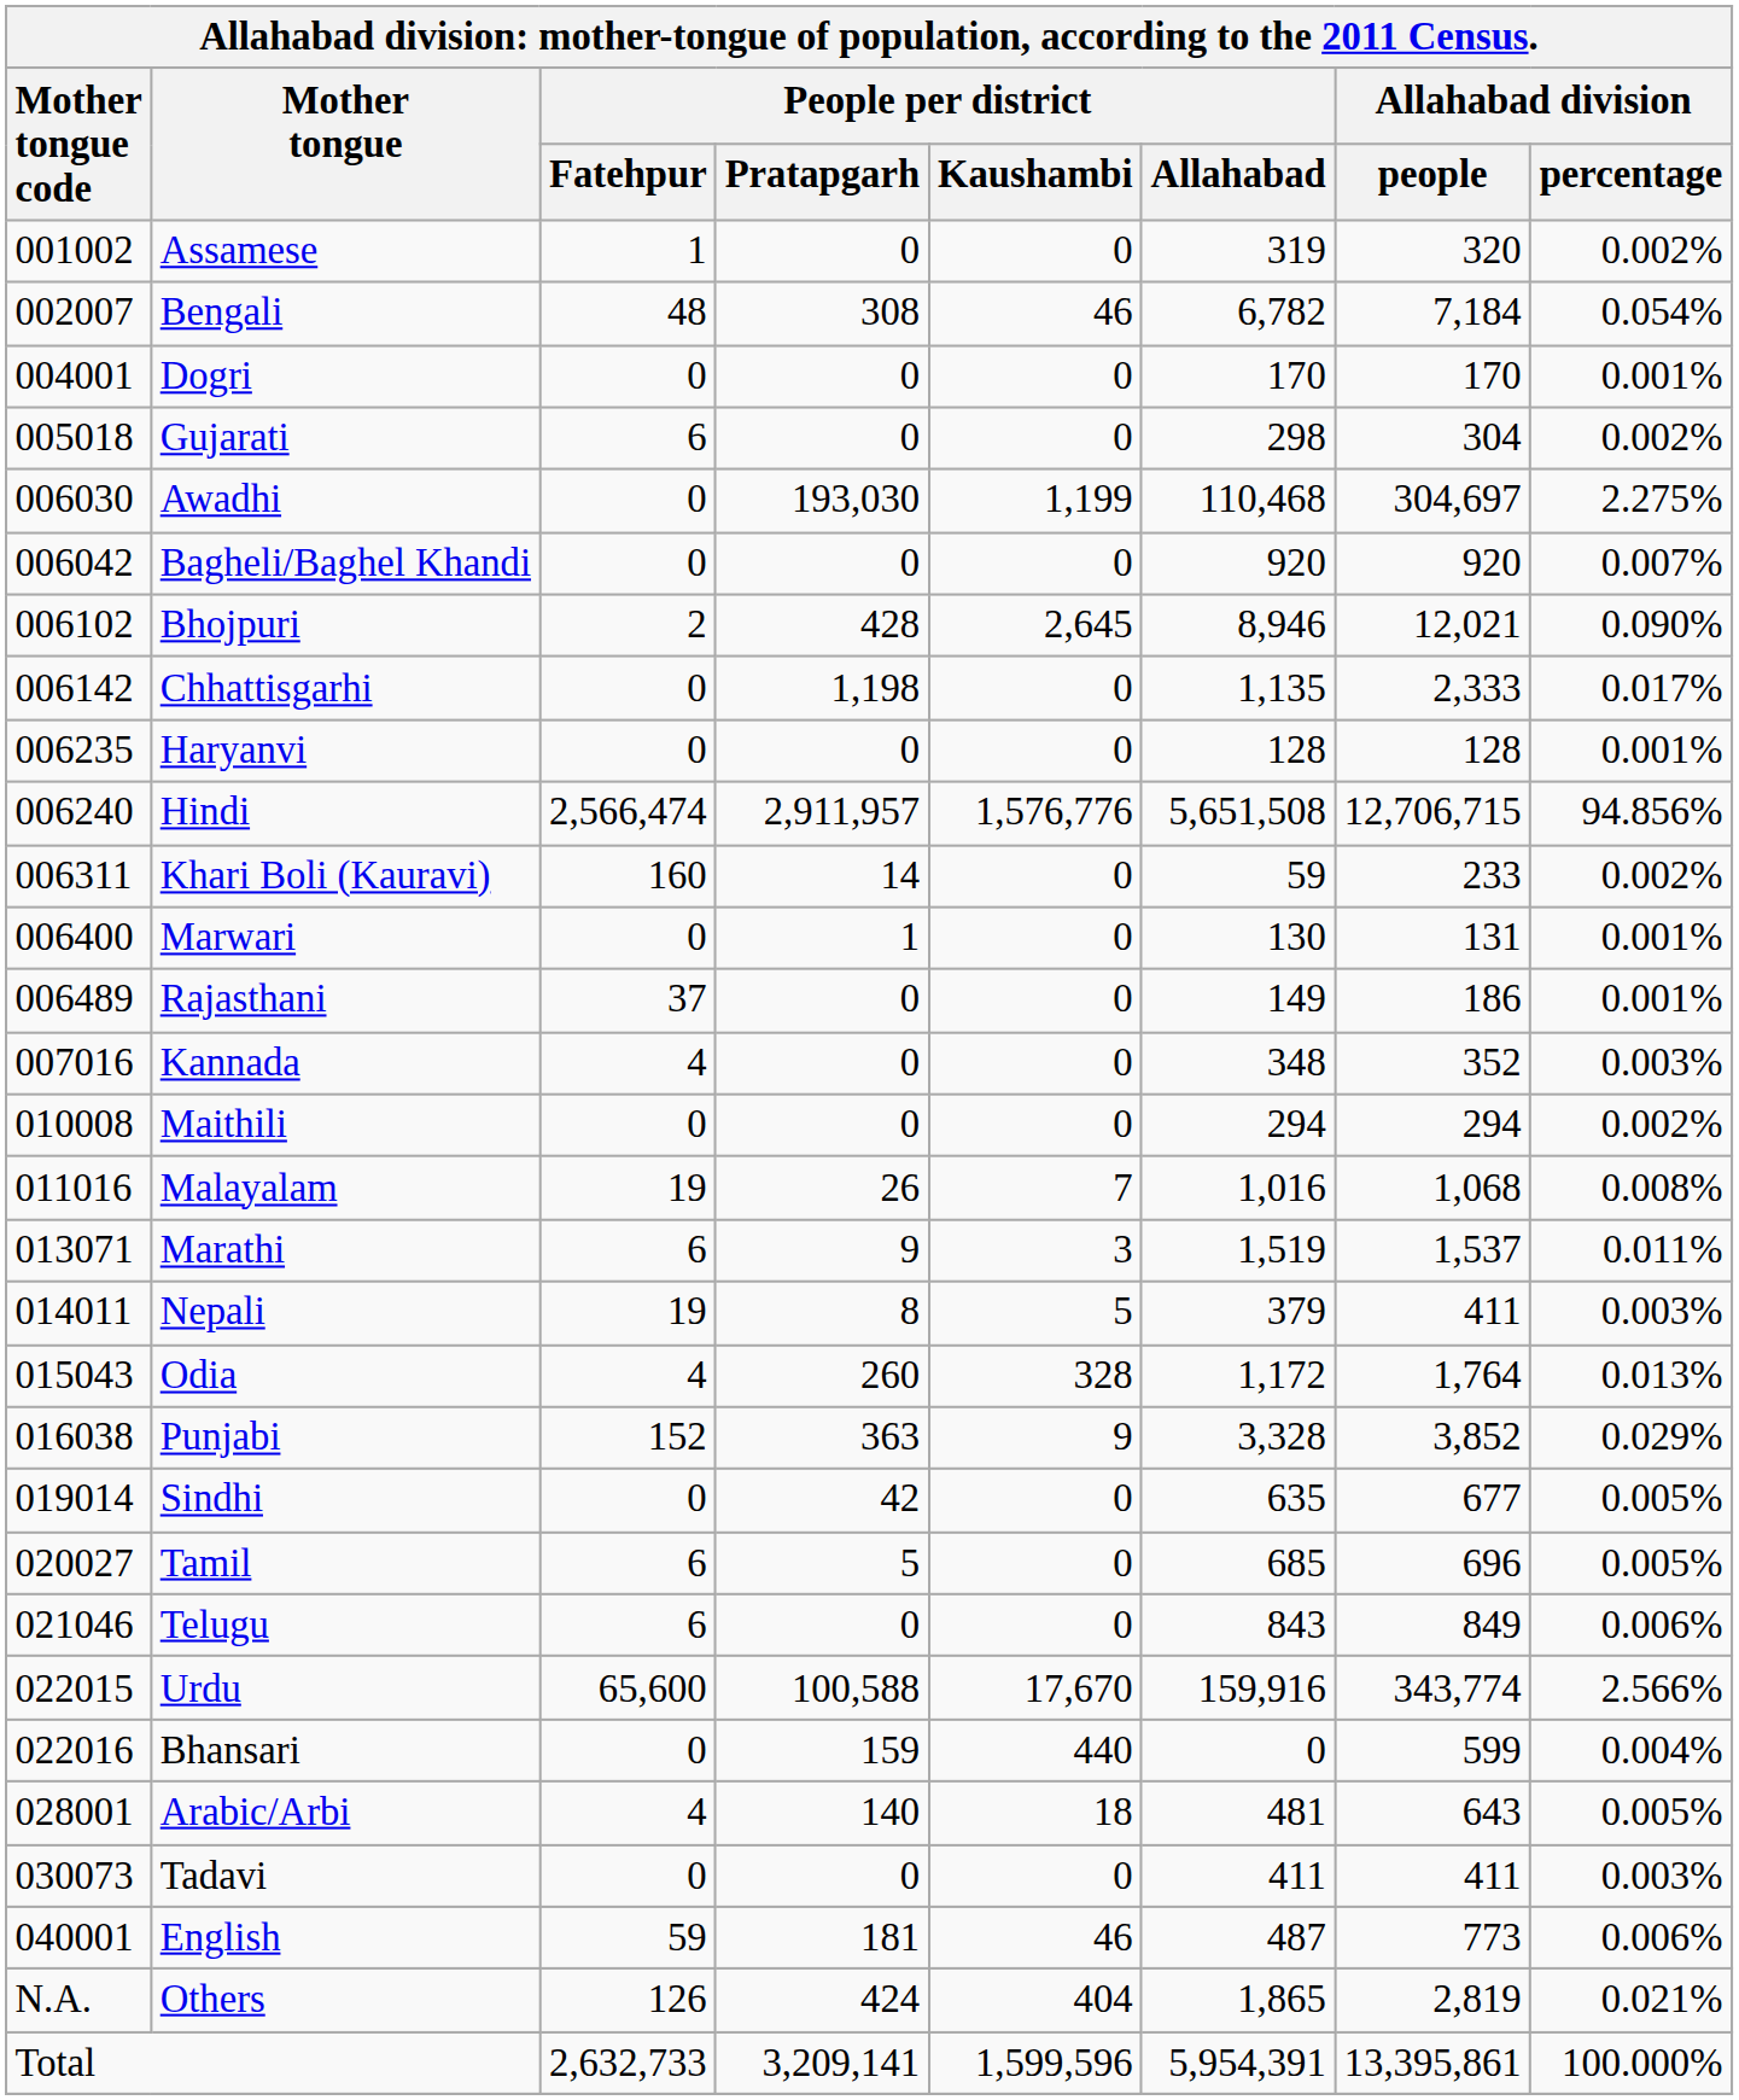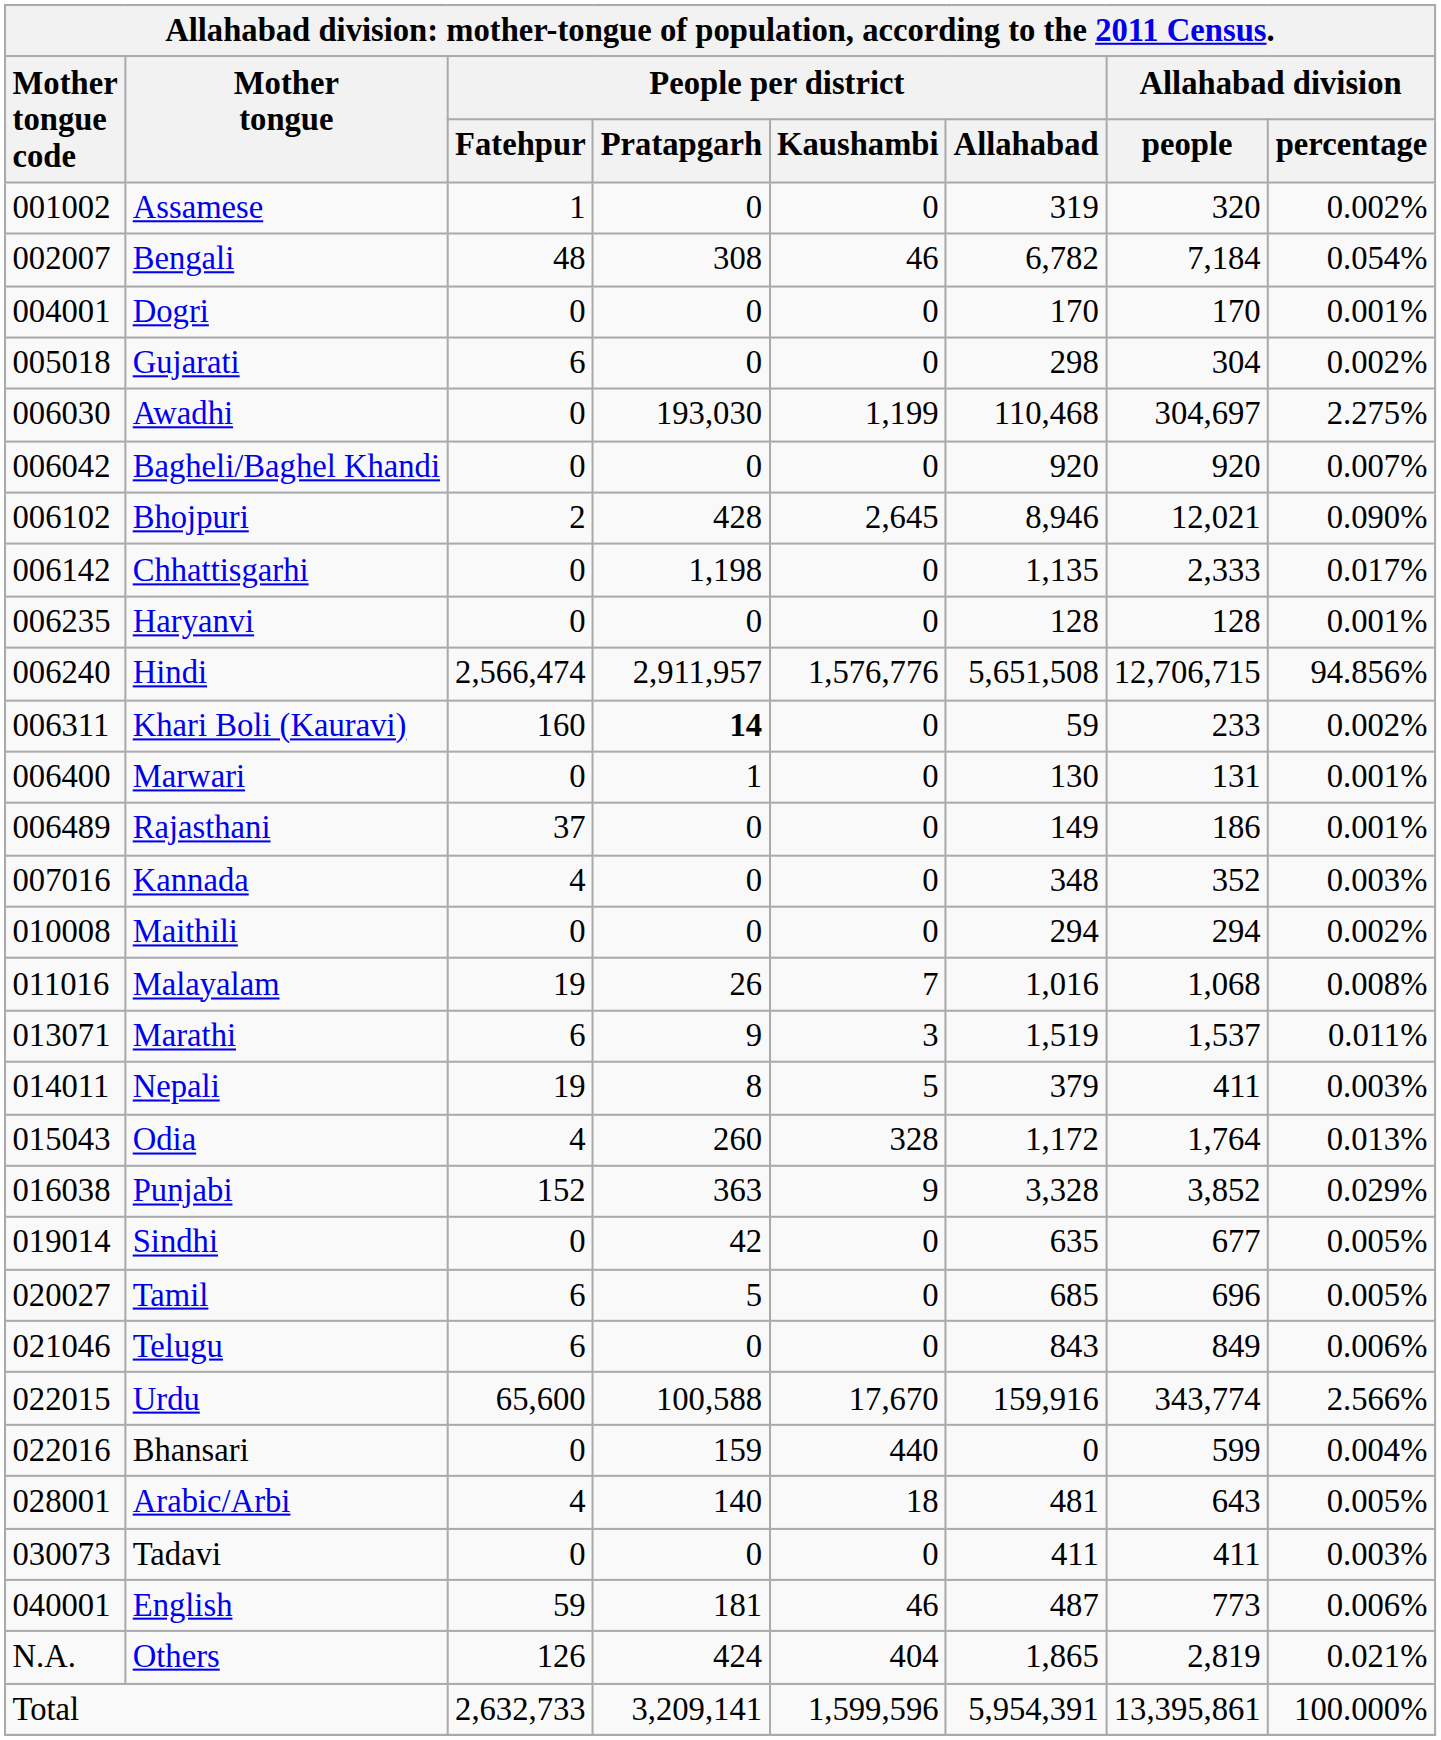 <table class="wikitable sortable mw-collapsible mw-collapsed">
 <tr style="vertical-align:top;">
 <th colspan=8>Allahabad division: mother-tongue of population, according to the <a href='#'>2011 Census</a>.</th>
 </tr>
 <tr style="vertical-align:top;">
 <th rowspan=2 style="text-align:left;">Mother<br>tongue<br>code</th>
 <th rowspan=2>Mother <br>tongue</th>
 <th colspan=4>People per district</th>
 <th colspan=2>Allahabad division</th>
 </tr>
 <tr style="vertical-align:top;">
 <th>Fatehpur </th>
 <th>Pratapgarh </th>
 <th>Kaushambi </th>
 <th>Allahabad  </th>
 <th>people </th>
 <th>percentage </th>
 </tr>
 <tr style="vertical-align:top;">
 <td>001002</td>
 <td><a href='#'>Assamese</a></td>
 <td style="text-align:right;">1</td>
 <td style="text-align:right;">0</td>
 <td style="text-align:right;">0</td>
 <td style="text-align:right;">319</td>
 <td style="text-align:right;">320</td>
 <td style="text-align:right;">0.002%</td>
 </tr>
 <tr style="vertical-align:top;">
 <td>002007</td>
 <td><a href='#'>Bengali</a></td>
 <td style="text-align:right;">48</td>
 <td style="text-align:right;">308</td>
 <td style="text-align:right;">46</td>
 <td style="text-align:right;">6,782</td>
 <td style="text-align:right;">7,184</td>
 <td style="text-align:right;">0.054%</td>
 </tr>
 <tr style="vertical-align:top;">
 <td>004001</td>
 <td><a href='#'>Dogri</a></td>
 <td style="text-align:right;">0</td>
 <td style="text-align:right;">0</td>
 <td style="text-align:right;">0</td>
 <td style="text-align:right;">170</td>
 <td style="text-align:right;">170</td>
 <td style="text-align:right;">0.001%</td>
 </tr>
 <tr style="vertical-align:top;">
 <td>005018</td>
 <td><a href='#'>Gujarati</a></td>
 <td style="text-align:right;">6</td>
 <td style="text-align:right;">0</td>
 <td style="text-align:right;">0</td>
 <td style="text-align:right;">298</td>
 <td style="text-align:right;">304</td>
 <td style="text-align:right;">0.002%</td>
 </tr>
 <tr style="vertical-align:top;">
 <td>006030</td>
 <td><a href='#'>Awadhi</a></td>
 <td style="text-align:right;">0</td>
 <td style="text-align:right;">193,030</td>
 <td style="text-align:right;">1,199</td>
 <td style="text-align:right;">110,468</td>
 <td style="text-align:right;">304,697</td>
 <td style="text-align:right;">2.275%</td>
 </tr>
 <tr style="vertical-align:top;">
 <td>006042</td>
 <td><a href='#'>Bagheli/Baghel Khandi</a></td>
 <td style="text-align:right;">0</td>
 <td style="text-align:right;">0</td>
 <td style="text-align:right;">0</td>
 <td style="text-align:right;">920</td>
 <td style="text-align:right;">920</td>
 <td style="text-align:right;">0.007%</td>
 </tr>
 <tr style="vertical-align:top;">
 <td>006102</td>
 <td><a href='#'>Bhojpuri</a></td>
 <td style="text-align:right;">2</td>
 <td style="text-align:right;">428</td>
 <td style="text-align:right;">2,645</td>
 <td style="text-align:right;">8,946</td>
 <td style="text-align:right;">12,021</td>
 <td style="text-align:right;">0.090%</td>
 </tr>
 <tr style="vertical-align:top;">
 <td>006142</td>
 <td><a href='#'>Chhattisgarhi</a></td>
 <td style="text-align:right;">0</td>
 <td style="text-align:right;">1,198</td>
 <td style="text-align:right;">0</td>
 <td style="text-align:right;">1,135</td>
 <td style="text-align:right;">2,333</td>
 <td style="text-align:right;">0.017%</td>
 </tr>
 <tr style="vertical-align:top;">
 <td>006235</td>
 <td><a href='#'>Haryanvi</a></td>
 <td style="text-align:right;">0</td>
 <td style="text-align:right;">0</td>
 <td style="text-align:right;">0</td>
 <td style="text-align:right;">128</td>
 <td style="text-align:right;">128</td>
 <td style="text-align:right;">0.001%</td>
 </tr>
 <tr style="vertical-align:top;">
 <td>006240</td>
 <td><a href='#'>Hindi</a></td>
 <td style="text-align:right;">2,566,474</td>
 <td style="text-align:right;">2,911,957</td>
 <td style="text-align:right;">1,576,776</td>
 <td style="text-align:right;">5,651,508</td>
 <td style="text-align:right;">12,706,715</td>
 <td style="text-align:right;">94.856%</td>
 </tr>
 <tr style="vertical-align:top;">
 <td>006311</td>
 <td><a href='#'>Khari Boli (Kauravi)</a></td>
 <td style="text-align:right;">160</td>
-<td style="text-align:right;">14</td>
+<td style="text-align:right;"><strong>14</strong></td>
 <td style="text-align:right;">0</td>
 <td style="text-align:right;">59</td>
 <td style="text-align:right;">233</td>
 <td style="text-align:right;">0.002%</td>
 </tr>
 <tr style="vertical-align:top;">
 <td>006400</td>
 <td><a href='#'>Marwari</a></td>
 <td style="text-align:right;">0</td>
 <td style="text-align:right;">1</td>
 <td style="text-align:right;">0</td>
 <td style="text-align:right;">130</td>
 <td style="text-align:right;">131</td>
 <td style="text-align:right;">0.001%</td>
 </tr>
 <tr style="vertical-align:top;">
 <td>006489</td>
 <td><a href='#'>Rajasthani</a></td>
 <td style="text-align:right;">37</td>
 <td style="text-align:right;">0</td>
 <td style="text-align:right;">0</td>
 <td style="text-align:right;">149</td>
 <td style="text-align:right;">186</td>
 <td style="text-align:right;">0.001%</td>
 </tr>
 <tr style="vertical-align:top;">
 <td>007016</td>
 <td><a href='#'>Kannada</a></td>
 <td style="text-align:right;">4</td>
 <td style="text-align:right;">0</td>
 <td style="text-align:right;">0</td>
 <td style="text-align:right;">348</td>
 <td style="text-align:right;">352</td>
 <td style="text-align:right;">0.003%</td>
 </tr>
 <tr style="vertical-align:top;">
 <td>010008</td>
 <td><a href='#'>Maithili</a></td>
 <td style="text-align:right;">0</td>
 <td style="text-align:right;">0</td>
 <td style="text-align:right;">0</td>
 <td style="text-align:right;">294</td>
 <td style="text-align:right;">294</td>
 <td style="text-align:right;">0.002%</td>
 </tr>
 <tr style="vertical-align:top;">
 <td>011016</td>
 <td><a href='#'>Malayalam</a></td>
 <td style="text-align:right;">19</td>
 <td style="text-align:right;">26</td>
 <td style="text-align:right;">7</td>
 <td style="text-align:right;">1,016</td>
 <td style="text-align:right;">1,068</td>
 <td style="text-align:right;">0.008%</td>
 </tr>
 <tr style="vertical-align:top;">
 <td>013071</td>
 <td><a href='#'>Marathi</a></td>
 <td style="text-align:right;">6</td>
 <td style="text-align:right;">9</td>
 <td style="text-align:right;">3</td>
 <td style="text-align:right;">1,519</td>
 <td style="text-align:right;">1,537</td>
 <td style="text-align:right;">0.011%</td>
 </tr>
 <tr style="vertical-align:top;">
 <td>014011</td>
 <td><a href='#'>Nepali</a></td>
 <td style="text-align:right;">19</td>
 <td style="text-align:right;">8</td>
 <td style="text-align:right;">5</td>
 <td style="text-align:right;">379</td>
 <td style="text-align:right;">411</td>
 <td style="text-align:right;">0.003%</td>
 </tr>
 <tr style="vertical-align:top;">
 <td>015043</td>
 <td><a href='#'>Odia</a></td>
 <td style="text-align:right;">4</td>
 <td style="text-align:right;">260</td>
 <td style="text-align:right;">328</td>
 <td style="text-align:right;">1,172</td>
 <td style="text-align:right;">1,764</td>
 <td style="text-align:right;">0.013%</td>
 </tr>
 <tr style="vertical-align:top;">
 <td>016038</td>
 <td><a href='#'>Punjabi</a></td>
 <td style="text-align:right;">152</td>
 <td style="text-align:right;">363</td>
 <td style="text-align:right;">9</td>
 <td style="text-align:right;">3,328</td>
 <td style="text-align:right;">3,852</td>
 <td style="text-align:right;">0.029%</td>
 </tr>
 <tr style="vertical-align:top;">
 <td>019014</td>
 <td><a href='#'>Sindhi</a></td>
 <td style="text-align:right;">0</td>
 <td style="text-align:right;">42</td>
 <td style="text-align:right;">0</td>
 <td style="text-align:right;">635</td>
 <td style="text-align:right;">677</td>
 <td style="text-align:right;">0.005%</td>
 </tr>
 <tr style="vertical-align:top;">
 <td>020027</td>
 <td><a href='#'>Tamil</a></td>
 <td style="text-align:right;">6</td>
 <td style="text-align:right;">5</td>
 <td style="text-align:right;">0</td>
 <td style="text-align:right;">685</td>
 <td style="text-align:right;">696</td>
 <td style="text-align:right;">0.005%</td>
 </tr>
 <tr style="vertical-align:top;">
 <td>021046</td>
 <td><a href='#'>Telugu</a></td>
 <td style="text-align:right;">6</td>
 <td style="text-align:right;">0</td>
 <td style="text-align:right;">0</td>
 <td style="text-align:right;">843</td>
 <td style="text-align:right;">849</td>
 <td style="text-align:right;">0.006%</td>
 </tr>
 <tr style="vertical-align:top;">
 <td>022015</td>
 <td><a href='#'>Urdu</a></td>
 <td style="text-align:right;">65,600</td>
 <td style="text-align:right;">100,588</td>
 <td style="text-align:right;">17,670</td>
 <td style="text-align:right;">159,916</td>
 <td style="text-align:right;">343,774</td>
 <td style="text-align:right;">2.566%</td>
 </tr>
 <tr style="vertical-align:top;">
 <td>022016</td>
 <td>Bhansari</td>
 <td style="text-align:right;">0</td>
 <td style="text-align:right;">159</td>
 <td style="text-align:right;">440</td>
 <td style="text-align:right;">0</td>
 <td style="text-align:right;">599</td>
 <td style="text-align:right;">0.004%</td>
 </tr>
 <tr style="vertical-align:top;">
 <td>028001</td>
 <td><a href='#'>Arabic/Arbi</a></td>
 <td style="text-align:right;">4</td>
 <td style="text-align:right;">140</td>
 <td style="text-align:right;">18</td>
 <td style="text-align:right;">481</td>
 <td style="text-align:right;">643</td>
 <td style="text-align:right;">0.005%</td>
 </tr>
 <tr style="vertical-align:top;">
 <td>030073</td>
 <td>Tadavi</td>
 <td style="text-align:right;">0</td>
 <td style="text-align:right;">0</td>
 <td style="text-align:right;">0</td>
 <td style="text-align:right;">411</td>
 <td style="text-align:right;">411</td>
 <td style="text-align:right;">0.003%</td>
 </tr>
 <tr style="vertical-align:top;">
 <td>040001</td>
 <td><a href='#'>English</a></td>
 <td style="text-align:right;">59</td>
 <td style="text-align:right;">181</td>
 <td style="text-align:right;">46</td>
 <td style="text-align:right;">487</td>
 <td style="text-align:right;">773</td>
 <td style="text-align:right;">0.006%</td>
 </tr>
 <tr style="vertical-align:top;">
 <td>N.A.</td>
 <td><a href='#'>Others</a></td>
 <td style="text-align:right;">126</td>
 <td style="text-align:right;">424</td>
 <td style="text-align:right;">404</td>
 <td style="text-align:right;">1,865</td>
 <td style="text-align:right;">2,819</td>
 <td style="text-align:right;">0.021%</td>
 </tr>
 <tr valign=top class="sortbottom">
 <td colspan=2>Total</td>
 <td style="text-align:right;">2,632,733</td>
 <td style="text-align:right;">3,209,141</td>
 <td style="text-align:right;">1,599,596</td>
 <td style="text-align:right;">5,954,391</td>
 <td style="text-align:right;">13,395,861</td>
 <td style="text-align:right;">100.000%</td>
 </tr>
 <tr>
 </tr>
 </table>
